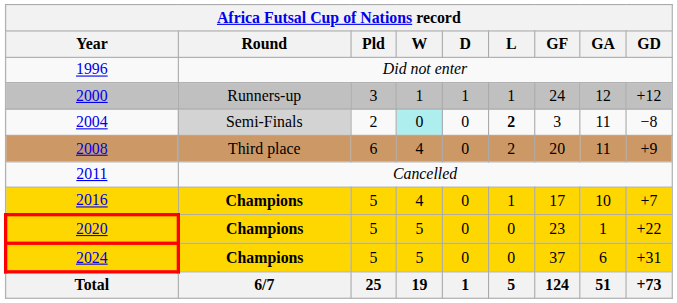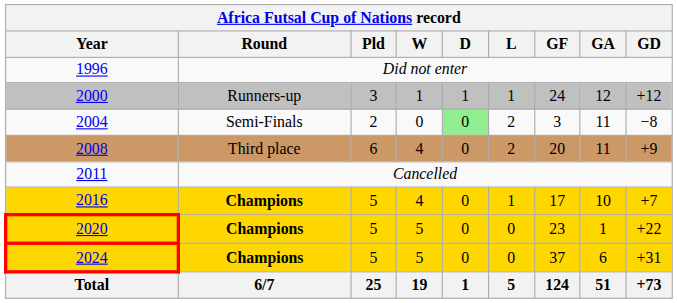 <table class="wikitable" style="text-align: center;font-size:90%;">
 <tr>
 <th colspan=9><a href='#'>Africa Futsal Cup of Nations</a> record</th>
 </tr>
 <tr>
 <th width=150>Year</th>
 <th width=150>Round</th>
 <th width=35>Pld</th>
 <th width=35>W</th>
 <th width=35>D</th>
 <th width=35>L</th>
 <th width=35>GF</th>
 <th width=35>GA</th>
 <th width=35>GD</th>
 </tr>
 <tr>
 <td> <a href='#'>1996</a></td>
 <td colspan=8><em>Did not enter</em></td>
 </tr>
 <tr style="background:silver;">
 <td> <a href='#'>2000</a></td>
 <td>Runners-up</td>
 <td>3</td>
 <td>1</td>
 <td>1</td>
 <td>1</td>
 <td>24</td>
 <td>12</td>
 <td>+12</td>
 </tr>
 <tr>
 <td><a href='#'>2004</a></td>
-<td style="background: lightgrey;">Semi-Finals</td>
+<td>Semi-Finals</td>
 <td>2</td>
-<td style="background: paleturquoise;">0</td>
 <td>0</td>
-<td><strong>2</strong></td>
+<td style="background: lightgreen;">0</td>
+<td>2</td>
 <td>3</td>
 <td>11</td>
 <td>−8</td>
 </tr>
 <tr bgcolor=#cc9966>
 <td> <a href='#'>2008</a></td>
 <td>Third place</td>
 <td>6</td>
 <td>4</td>
 <td>0</td>
 <td>2</td>
 <td>20</td>
 <td>11</td>
 <td>+9</td>
 </tr>
 <tr>
 <td> <a href='#'>2011</a></td>
 <td colspan=8><em>Cancelled</em></td>
 </tr>
 <tr bgcolor="gold">
 <td> <a href='#'>2016</a></td>
 <td><strong>Champions</strong></td>
 <td>5</td>
 <td>4</td>
 <td>0</td>
 <td>1</td>
 <td>17</td>
 <td>10</td>
 <td>+7</td>
 </tr>
 <tr bgcolor="gold">
 <td style="border: 3px solid red"> <a href='#'>2020</a></td>
 <td><strong>Champions</strong></td>
 <td>5</td>
 <td>5</td>
 <td>0</td>
 <td>0</td>
 <td>23</td>
 <td>1</td>
 <td>+22</td>
 </tr>
 <tr bgcolor="gold">
 <td style="border: 3px solid red"> <a href='#'>2024</a></td>
 <td><strong>Champions</strong></td>
 <td>5</td>
 <td>5</td>
 <td>0</td>
 <td>0</td>
 <td>37</td>
 <td>6</td>
 <td>+31</td>
 </tr>
 <tr>
 <th><strong>Total</strong></th>
 <th>6/7</th>
 <th>25</th>
 <th>19</th>
 <th>1</th>
 <th>5</th>
 <th>124</th>
 <th>51</th>
 <th>+73</th>
 </tr>
 </table>
